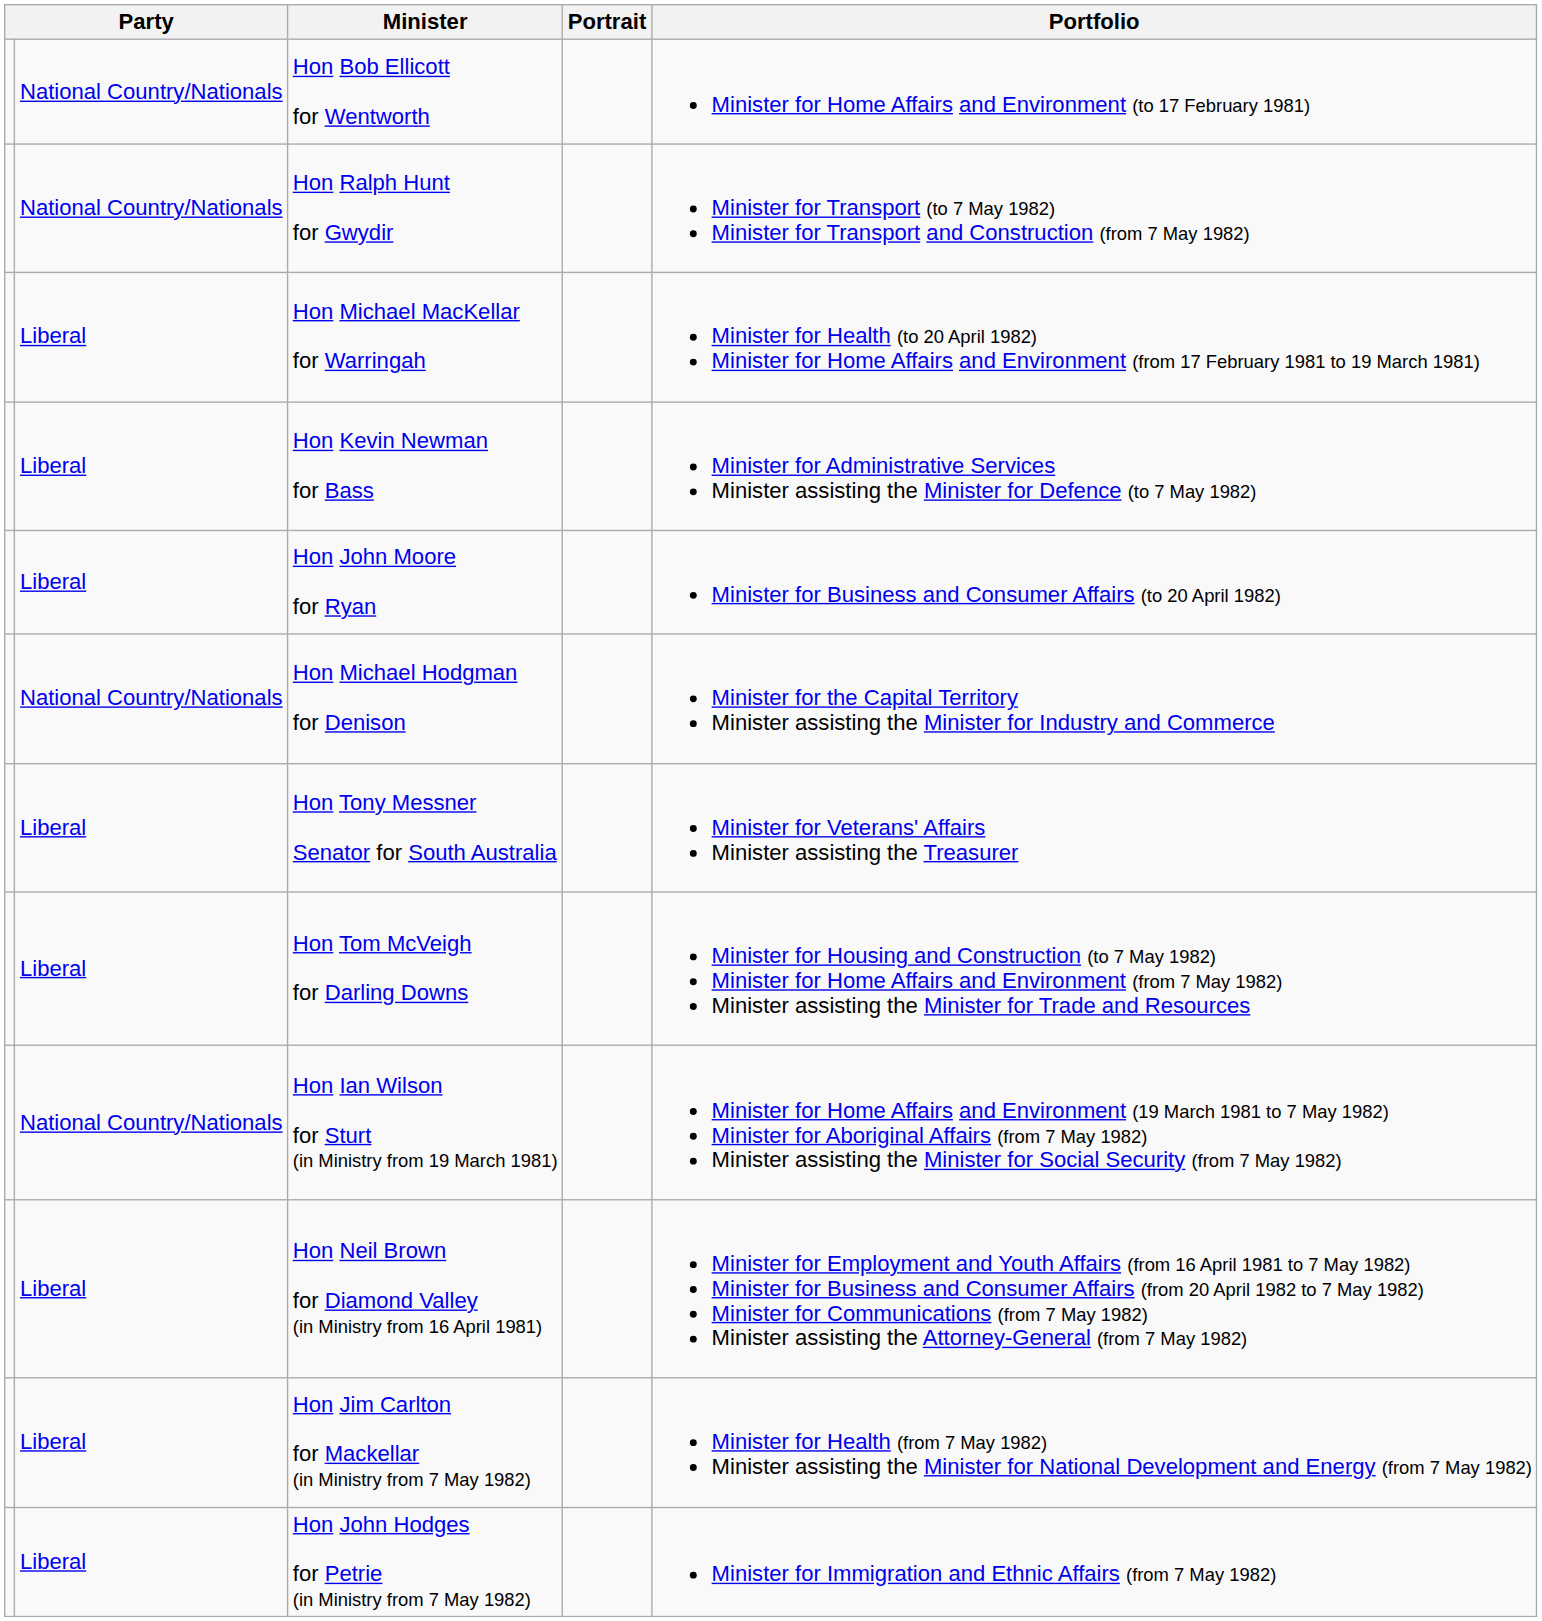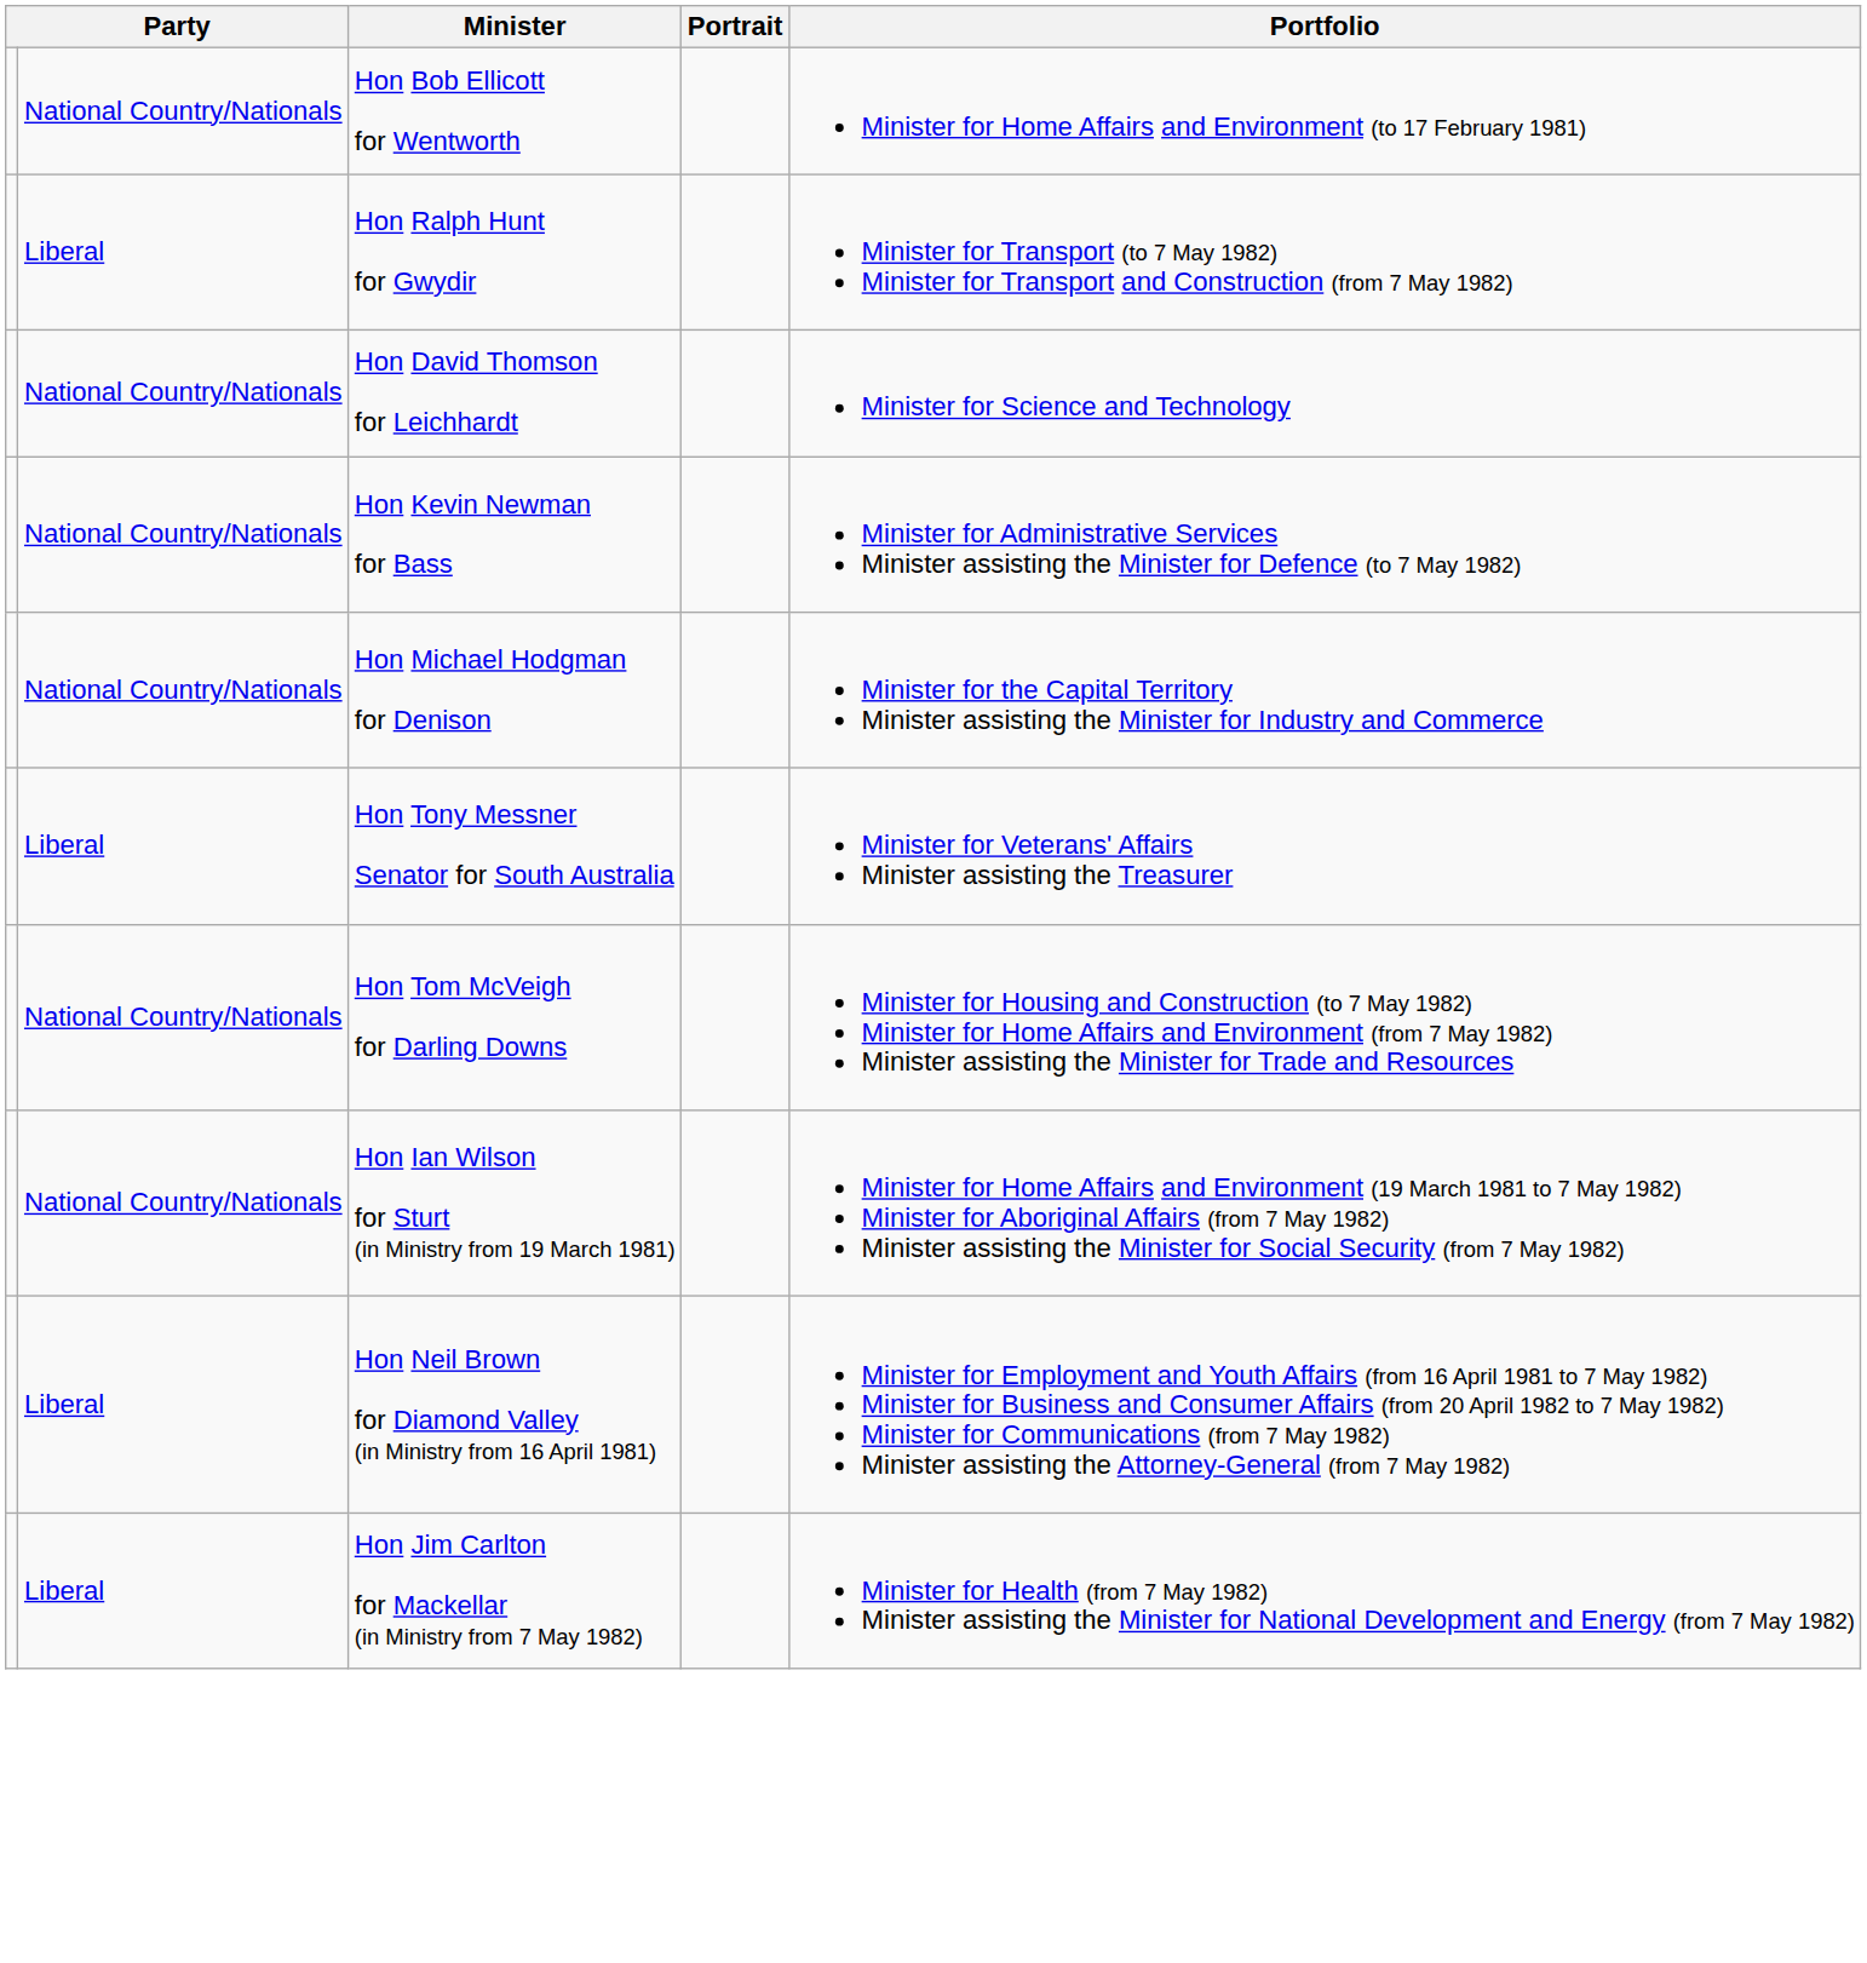 <table class="wikitable sortable">
 <tr>
 <th colspan="2">Party</th>
 <th>Minister</th>
 <th>Portrait</th>
 <th>Portfolio</th>
 </tr>
 <tr>
 <td></td>
 <td><a href='#'>National Country/Nationals</a></td>
 <td><a href='#'>Hon</a> <a href='#'>Bob Ellicott</a>  <br><br> for <a href='#'>Wentworth</a> <br></td>
 <td></td>
 <td><br><ul><li><a href='#'>Minister for Home Affairs</a> <a href='#'>and Environment</a> <small>(to 17 February 1981)</small></li></ul></td>
 </tr>
 <tr>
 <td></td>
-<td><a href='#'>National Country/Nationals</a></td>
+<td><a href='#'>Liberal</a></td>
 <td><a href='#'>Hon</a> <a href='#'>Ralph Hunt</a> <br><br> for <a href='#'>Gwydir</a> <br></td>
 <td></td>
 <td><br><ul><li><a href='#'>Minister for Transport</a> <small>(to 7 May 1982)</small></li><li><a href='#'>Minister for Transport</a> <a href='#'>and Construction</a> <small>(from 7 May 1982)</small></li></ul></td>
 </tr>
 <tr>
 <td></td>
-<td><a href='#'>Liberal</a></td>
-<td><a href='#'>Hon</a> <a href='#'>Michael MacKellar</a> <br><br> for <a href='#'>Warringah</a> <br></td>
+<td><a href='#'>National Country/Nationals</a></td>
+<td><a href='#'>Hon</a> <a href='#'>David Thomson</a>  <br><br> for <a href='#'>Leichhardt</a> <br></td>
 <td></td>
-<td><br><ul><li><a href='#'>Minister for Health</a> <small>(to 20 April 1982)</small></li><li><a href='#'>Minister for Home Affairs</a> <a href='#'>and Environment</a> <small>(from 17 February 1981 to 19 March 1981)</small></li></ul></td>
+<td><br><ul><li><a href='#'>Minister for Science and Technology</a></li></ul></td>
 </tr>
 <tr>
 <td></td>
-<td><a href='#'>Liberal</a></td>
+<td><a href='#'>National Country/Nationals</a></td>
 <td><a href='#'>Hon</a> <a href='#'>Kevin Newman</a> <br><br> for <a href='#'>Bass</a> <br></td>
 <td></td>
 <td><br><ul><li><a href='#'>Minister for Administrative Services</a></li><li>Minister assisting the <a href='#'>Minister for Defence</a> <small>(to 7 May 1982)</small></li></ul></td>
-</tr>
-<tr>
-<td></td>
-<td><a href='#'>Liberal</a></td>
-<td><a href='#'>Hon</a> <a href='#'>John Moore</a> <br><br> for <a href='#'>Ryan</a> <br></td>
-<td></td>
-<td><br><ul><li><a href='#'>Minister for Business and Consumer Affairs</a> <small>(to 20 April 1982)</small></li></ul></td>
 </tr>
 <tr>
 <td></td>
 <td><a href='#'>National Country/Nationals</a></td>
 <td><a href='#'>Hon</a> <a href='#'>Michael Hodgman</a> <br><br> for <a href='#'>Denison</a> <br></td>
 <td></td>
 <td><br><ul><li><a href='#'>Minister for the Capital Territory</a></li><li>Minister assisting the <a href='#'>Minister for Industry and Commerce</a></li></ul></td>
 </tr>
 <tr>
 <td></td>
 <td><a href='#'>Liberal</a></td>
 <td><a href='#'>Hon</a> <a href='#'>Tony Messner</a> <br><br><a href='#'>Senator</a> for <a href='#'>South Australia</a> <br></td>
 <td></td>
 <td><br><ul><li><a href='#'>Minister for Veterans' Affairs</a></li><li>Minister assisting the <a href='#'>Treasurer</a></li></ul></td>
 </tr>
 <tr>
 <td></td>
-<td><a href='#'>Liberal</a></td>
+<td><a href='#'>National Country/Nationals</a></td>
 <td><a href='#'>Hon</a> <a href='#'>Tom McVeigh</a> <br><br> for <a href='#'>Darling Downs</a> <br></td>
 <td></td>
 <td><br><ul><li><a href='#'>Minister for Housing and Construction</a> <small>(to 7 May 1982)</small></li><li><a href='#'>Minister for Home Affairs and Environment</a> <small>(from 7 May 1982)</small></li><li>Minister assisting the <a href='#'>Minister for Trade and Resources</a></li></ul></td>
 </tr>
 <tr>
 <td></td>
 <td><a href='#'>National Country/Nationals</a></td>
 <td><a href='#'>Hon</a> <a href='#'>Ian Wilson</a> <br><br> for <a href='#'>Sturt</a> <br> <small>(in Ministry from 19 March 1981)</small></td>
 <td></td>
 <td><br><ul><li><a href='#'>Minister for Home Affairs</a> <a href='#'>and Environment</a> <small>(19 March 1981 to 7 May 1982)</small></li><li><a href='#'>Minister for Aboriginal Affairs</a> <small>(from 7 May 1982)</small></li><li>Minister assisting the <a href='#'>Minister for Social Security</a> <small>(from 7 May 1982)</small></li></ul></td>
 </tr>
 <tr>
 <td></td>
 <td><a href='#'>Liberal</a></td>
 <td><a href='#'>Hon</a> <a href='#'>Neil Brown</a>  <br><br> for <a href='#'>Diamond Valley</a> <br> <small>(in Ministry from 16 April 1981)</small></td>
 <td></td>
 <td><br><ul><li><a href='#'>Minister for Employment and Youth Affairs</a> <small>(from 16 April 1981 to 7 May 1982)</small></li><li><a href='#'>Minister for Business and Consumer Affairs</a> <small>(from 20 April 1982 to 7 May 1982)</small></li><li><a href='#'>Minister for Communications</a> <small>(from 7 May 1982)</small></li><li>Minister assisting the <a href='#'>Attorney-General</a> <small>(from 7 May 1982)</small></li></ul></td>
 </tr>
 <tr>
 <td></td>
 <td><a href='#'>Liberal</a></td>
 <td><a href='#'>Hon</a> <a href='#'>Jim Carlton</a> <br><br> for <a href='#'>Mackellar</a> <br> <small>(in Ministry from 7 May 1982)</small></td>
 <td></td>
 <td><br><ul><li><a href='#'>Minister for Health</a> <small>(from 7 May 1982)</small></li><li>Minister assisting the <a href='#'>Minister for National Development and Energy</a> <small>(from 7 May 1982)</small></li></ul></td>
 </tr>
-<tr>
-<td></td>
-<td><a href='#'>Liberal</a></td>
-<td><a href='#'>Hon</a> <a href='#'>John Hodges</a> <br><br> for <a href='#'>Petrie</a> <br> <small>(in Ministry from 7 May 1982)</small></td>
-<td></td>
-<td><br><ul><li><a href='#'>Minister for Immigration and Ethnic Affairs</a> <small>(from 7 May 1982)</small></li></ul></td>
-</tr>
 </table>
